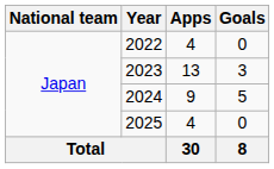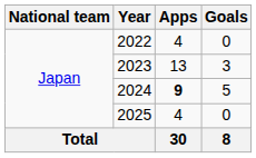 <table class="wikitable" style="text-align:center">
 <tr>
 <th>National team</th>
 <th>Year</th>
 <th>Apps</th>
 <th>Goals</th>
 </tr>
 <tr>
 <td rowspan="4"><a href='#'>Japan</a></td>
 <td>2022</td>
 <td>4</td>
 <td>0</td>
 </tr>
 <tr>
 <td>2023</td>
 <td>13</td>
 <td>3</td>
 </tr>
 <tr>
 <td>2024</td>
-<td>9</td>
+<td><strong>9</strong></td>
 <td>5</td>
 </tr>
 <tr>
 <td>2025</td>
 <td>4</td>
 <td>0</td>
 </tr>
 <tr>
 <th colspan="2">Total</th>
 <th>30</th>
 <th>8</th>
 </tr>
 </table>
